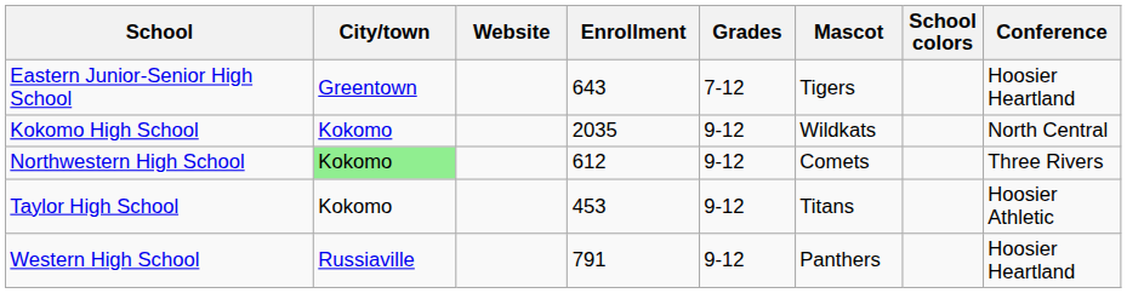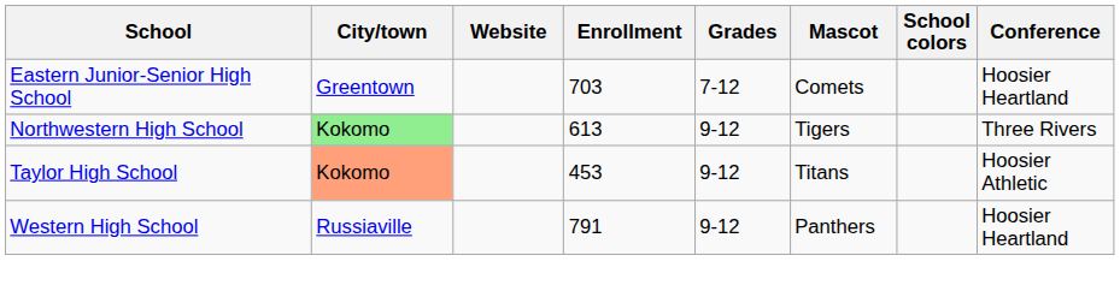 <table class="wikitable sortable" width="70%">
 <tr>
 <th width="20%">School</th>
 <th width="08%">City/town</th>
 <th width="06%">Website</th>
 <th width="04%">Enrollment</th>
 <th width="04%">Grades</th>
 <th width="04%">Mascot</th>
 <th width=01%>School colors</th>
 <th width="04%">Conference</th>
 </tr>
 <tr>
 <td><a href='#'>Eastern Junior-Senior High School</a></td>
 <td><a href='#'>Greentown</a></td>
 <td></td>
-<td>643</td>
+<td>703</td>
 <td>7-12</td>
-<td>Tigers</td>
+<td>Comets</td>
 <td> </td>
 <td>Hoosier Heartland</td>
-</tr>
-<tr>
-<td><a href='#'>Kokomo High School</a></td>
-<td><a href='#'>Kokomo</a></td>
-<td></td>
-<td>2035</td>
-<td>9-12</td>
-<td>Wildkats</td>
-<td> </td>
-<td>North Central</td>
 </tr>
 <tr>
 <td><a href='#'>Northwestern High School</a></td>
 <td style="background: lightgreen;">Kokomo</td>
 <td></td>
-<td>612</td>
+<td>613</td>
 <td>9-12</td>
-<td>Comets</td>
+<td>Tigers</td>
 <td> </td>
 <td>Three Rivers</td>
 </tr>
 <tr>
 <td><a href='#'>Taylor High School</a></td>
-<td>Kokomo</td>
+<td style="background: lightsalmon;">Kokomo</td>
 <td></td>
 <td>453</td>
 <td>9-12</td>
 <td>Titans</td>
 <td> </td>
 <td>Hoosier Athletic</td>
 </tr>
 <tr>
 <td><a href='#'>Western High School</a></td>
 <td><a href='#'>Russiaville</a></td>
 <td></td>
 <td>791</td>
 <td>9-12</td>
 <td>Panthers</td>
 <td> </td>
 <td>Hoosier Heartland</td>
 </tr>
 </table>
